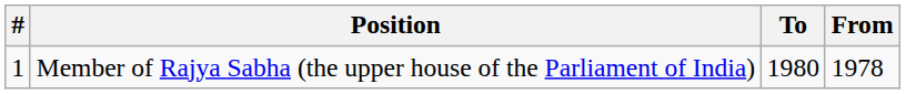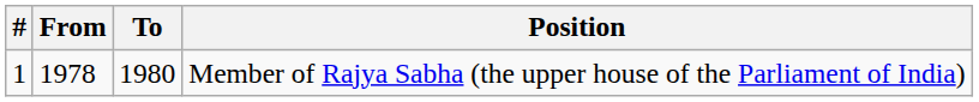 <table class="wikitable">
 <tr>
 <th>#</th>
+<th>From</th>
+<th>To</th>
 <th>Position</th>
-<th>To</th>
-<th>From</th>
 </tr>
 <tr>
 <td>1</td>
+<td>1978</td>
+<td>1980</td>
 <td>Member of <a href='#'>Rajya Sabha</a> (the upper house of the <a href='#'>Parliament of India</a>)</td>
-<td>1980</td>
-<td>1978</td>
 </tr>
 </table>
